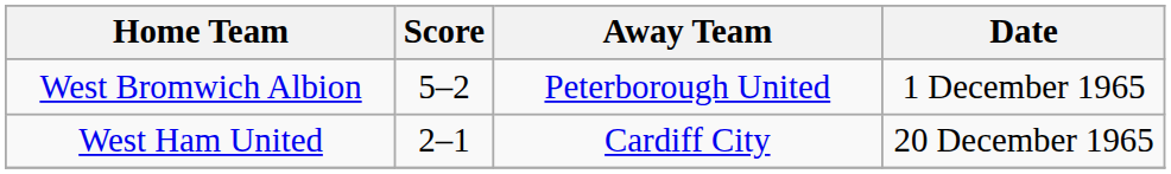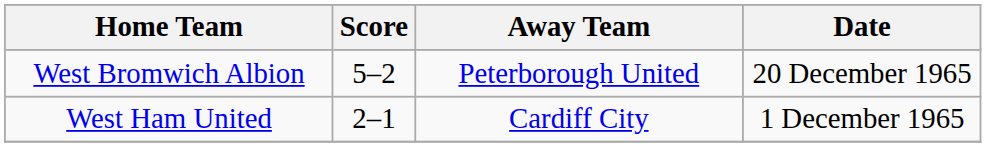 <table class="wikitable" style="text-align:center;">
 <tr>
 <th width=175>Home Team</th>
 <th width=20>Score</th>
 <th width=175>Away Team</th>
 <th width=125>Date</th>
 </tr>
 <tr>
 <td><a href='#'>West Bromwich Albion</a></td>
 <td>5–2</td>
 <td><a href='#'>Peterborough United</a></td>
-<td>1 December 1965</td>
+<td>20 December 1965</td>
 </tr>
 <tr>
 <td><a href='#'>West Ham United</a></td>
 <td>2–1</td>
 <td><a href='#'>Cardiff City</a></td>
-<td>20 December 1965</td>
+<td>1 December 1965</td>
 </tr>
 <tr>
 </tr>
 </table>
